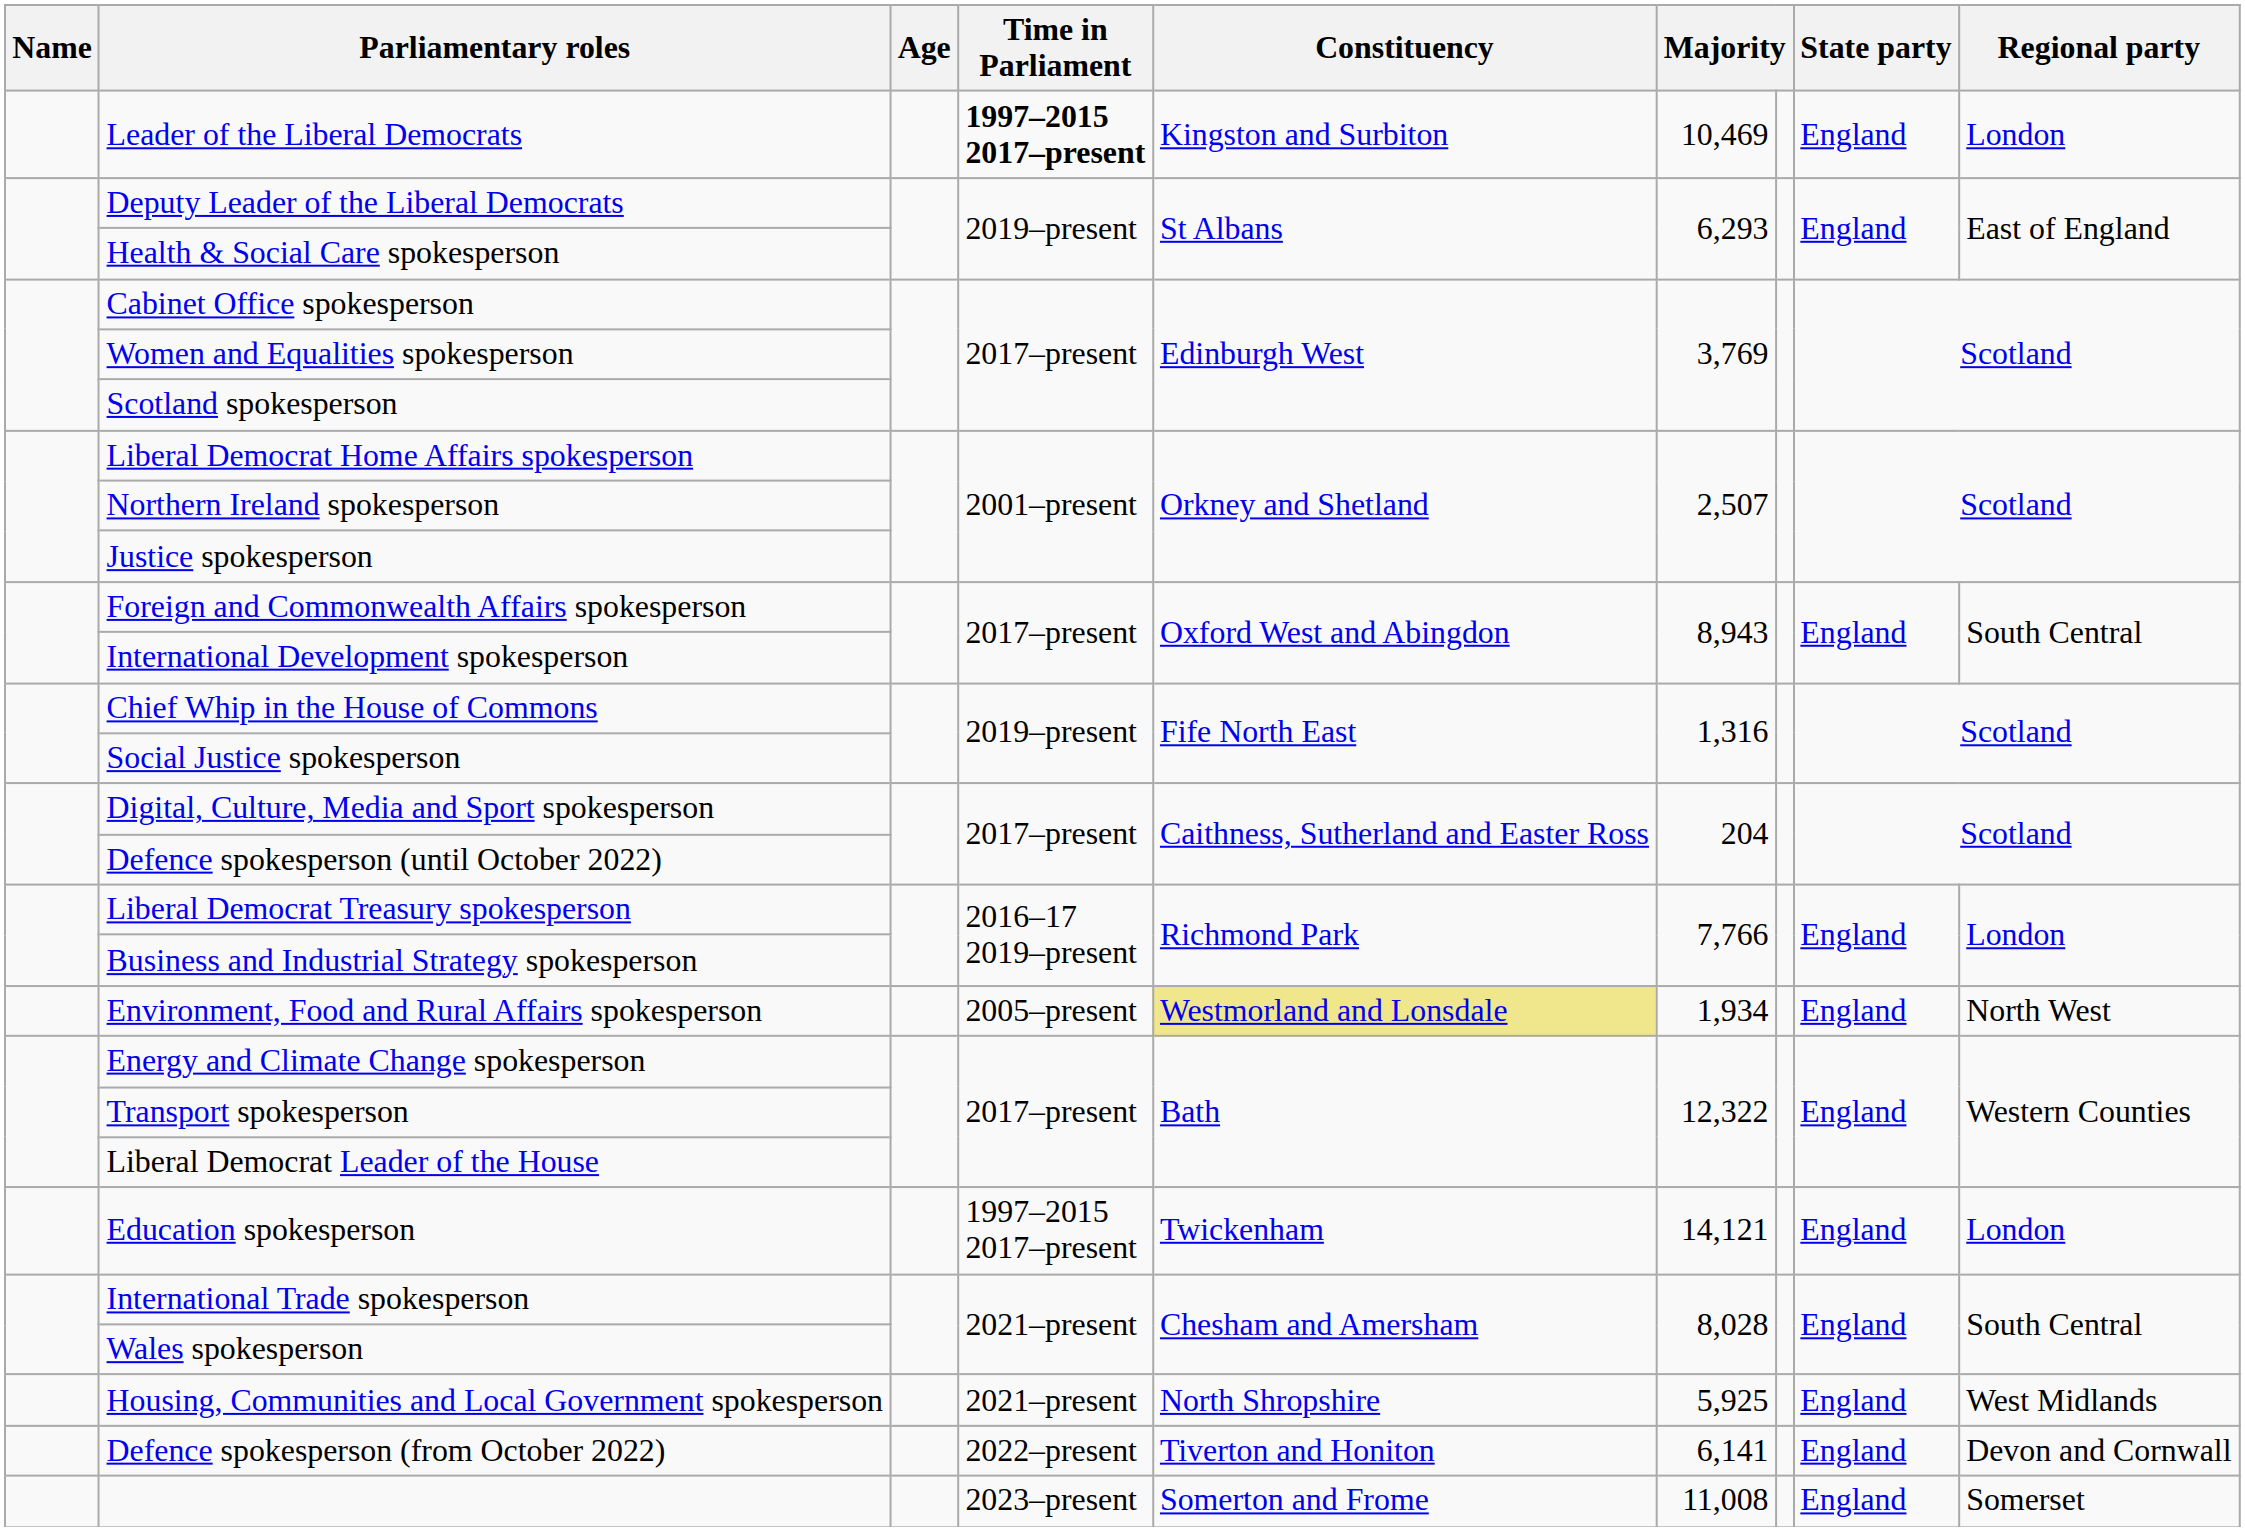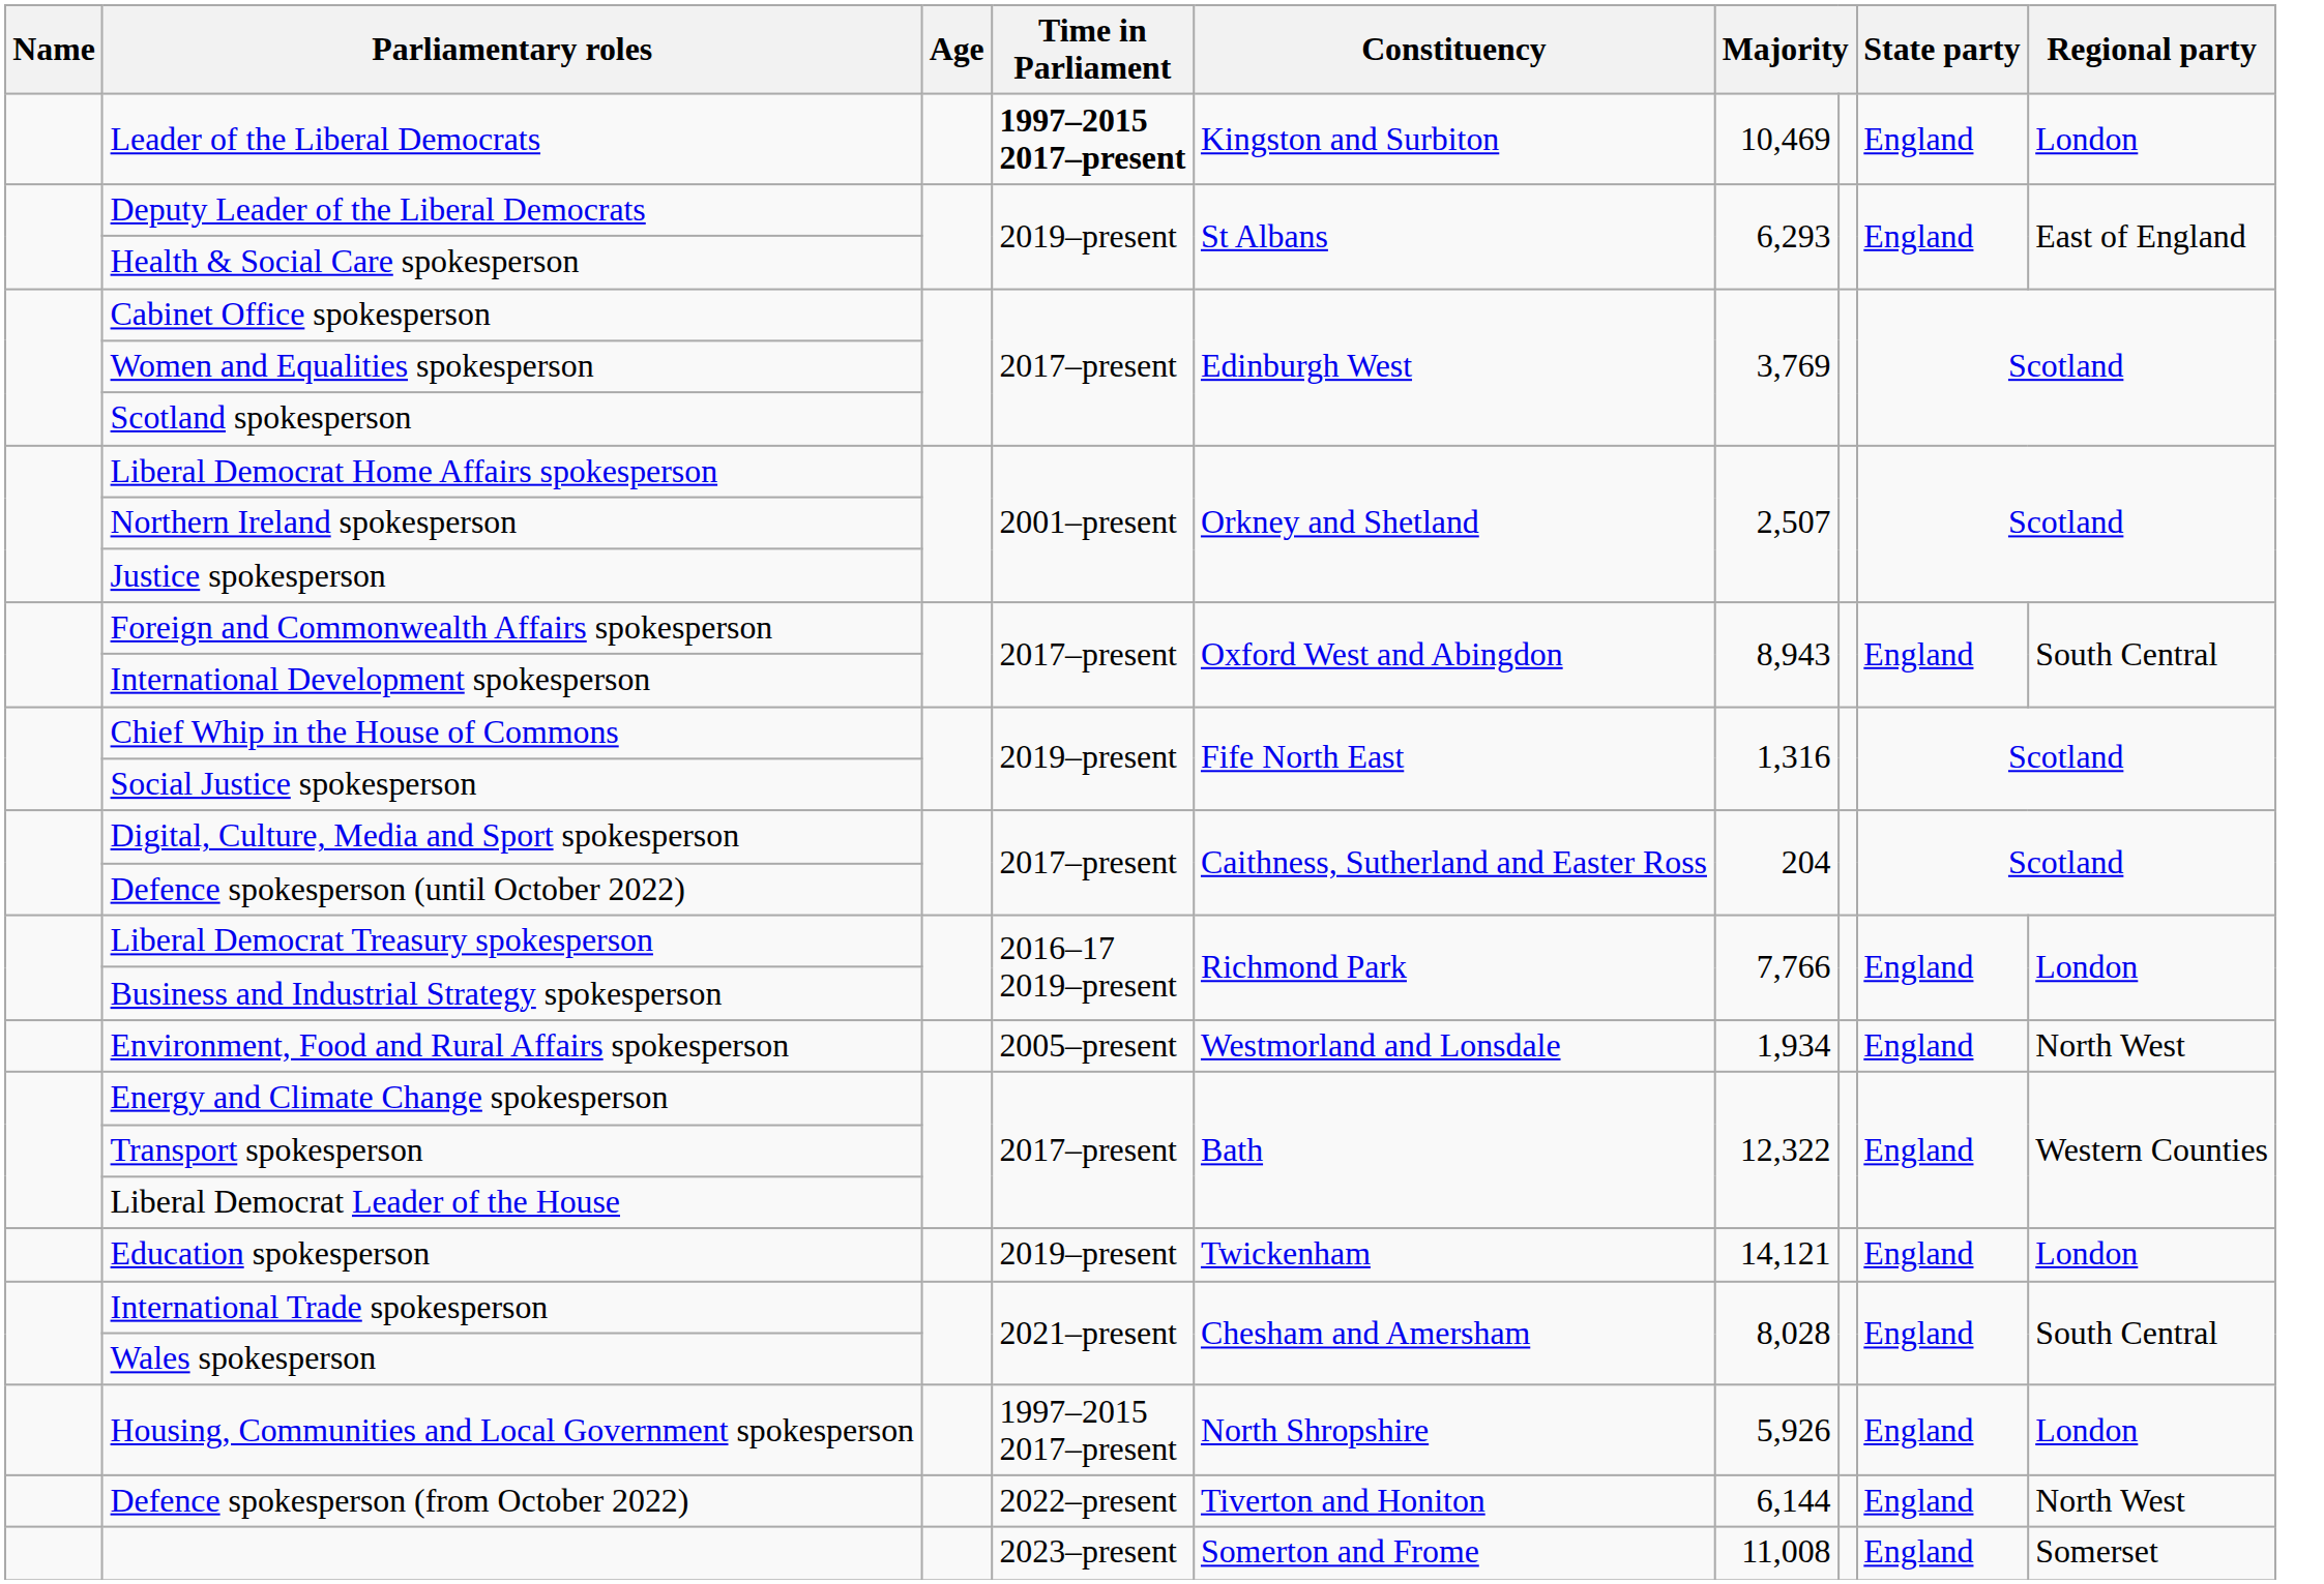 <table class="wikitable sortable">
 <tr>
 <th>Name</th>
 <th>Parliamentary roles</th>
 <th>Age</th>
 <th>Time in<br>Parliament</th>
 <th>Constituency</th>
 <th colspan="2">Majority</th>
 <th>State party<br></th>
 <th>Regional party</th>
 </tr>
 <tr>
 <td></td>
 <td><a href='#'>Leader of the Liberal Democrats</a></td>
 <td></td>
 <td><strong>1997–2015<br>2017–present</strong></td>
 <td><a href='#'>Kingston and Surbiton</a></td>
 <td style="text-align:right;">10,469</td>
 <td style="background-color:"></td>
 <td><a href='#'>England</a></td>
 <td><a href='#'>London</a></td>
 </tr>
 <tr>
 <td rowspan="2"></td>
 <td><a href='#'>Deputy Leader of the Liberal Democrats</a></td>
 <td rowspan="2"></td>
 <td rowspan="2">2019–present</td>
 <td rowspan="2"><a href='#'>St Albans</a></td>
 <td rowspan="2" style="text-align:right;">6,293</td>
 <td rowspan="2" style="background-color:"></td>
 <td rowspan="2"><a href='#'>England</a></td>
 <td rowspan="2">East of England</td>
 </tr>
 <tr>
 <td><a href='#'>Health & Social Care</a> spokesperson</td>
 </tr>
 <tr>
 <td rowspan="3"></td>
 <td><a href='#'>Cabinet Office</a> spokesperson</td>
 <td rowspan="3"></td>
 <td rowspan="3">2017–present</td>
 <td rowspan="3"><a href='#'>Edinburgh West</a></td>
 <td rowspan="3" style="text-align:right;">3,769</td>
 <td rowspan="3" style="background-color:"></td>
 <td rowspan="3" colspan="2" style="text-align: center;"><a href='#'>Scotland</a></td>
 </tr>
 <tr>
 <td><a href='#'>Women and Equalities</a> spokesperson</td>
 </tr>
 <tr>
 <td><a href='#'>Scotland</a> spokesperson</td>
 </tr>
 <tr>
 <td rowspan="3"></td>
 <td><a href='#'>Liberal Democrat Home Affairs spokesperson</a></td>
 <td rowspan="3"></td>
 <td rowspan="3">2001–present</td>
 <td rowspan="3"><a href='#'>Orkney and Shetland</a></td>
 <td rowspan="3" style="text-align:right;">2,507</td>
 <td rowspan="3" style="background-color:"></td>
 <td rowspan="3" colspan="2" style="text-align: center;"><a href='#'>Scotland</a></td>
 </tr>
 <tr>
 <td><a href='#'>Northern Ireland</a> spokesperson</td>
 </tr>
 <tr>
 <td><a href='#'>Justice</a> spokesperson</td>
 </tr>
 <tr>
 <td rowspan="2"></td>
 <td><a href='#'>Foreign and Commonwealth Affairs</a> spokesperson</td>
 <td rowspan="2"></td>
 <td rowspan="2">2017–present</td>
 <td rowspan="2"><a href='#'>Oxford West and Abingdon</a></td>
 <td rowspan="2" style="text-align:right;">8,943</td>
 <td rowspan="2" style="background-color:"></td>
 <td rowspan="2"><a href='#'>England</a></td>
 <td rowspan="2">South Central</td>
 </tr>
 <tr>
 <td><a href='#'>International Development</a> spokesperson</td>
 </tr>
 <tr>
 <td rowspan="2"></td>
 <td><a href='#'>Chief Whip in the House of Commons</a></td>
 <td rowspan="2"></td>
 <td rowspan="2">2019–present</td>
 <td rowspan="2"><a href='#'>Fife North East</a></td>
 <td rowspan="2" style="text-align:right;">1,316</td>
 <td rowspan="2" style="background-color:"></td>
 <td rowspan="2" colspan="2" style="text-align: center;"><a href='#'>Scotland</a></td>
 </tr>
 <tr>
 <td><a href='#'>Social Justice</a> spokesperson</td>
 </tr>
 <tr>
 <td rowspan="2"></td>
 <td><a href='#'>Digital, Culture, Media and Sport</a> spokesperson</td>
 <td rowspan="2"></td>
 <td rowspan="2">2017–present</td>
 <td rowspan="2"><a href='#'>Caithness, Sutherland and Easter Ross</a></td>
 <td rowspan="2" style="text-align:right;">204</td>
 <td rowspan="2" style="background-color:"></td>
 <td rowspan="2" colspan="2" style="text-align: center;"><a href='#'>Scotland</a></td>
 </tr>
 <tr>
 <td><a href='#'>Defence</a> spokesperson (until October 2022)</td>
 </tr>
 <tr>
 <td rowspan="2"></td>
 <td><a href='#'>Liberal Democrat Treasury spokesperson</a></td>
 <td rowspan="2"></td>
 <td rowspan="2">2016–17<br>2019–present</td>
 <td rowspan="2"><a href='#'>Richmond Park</a></td>
 <td rowspan="2" style="text-align:right;">7,766</td>
 <td rowspan="2" style="background-color:"></td>
 <td rowspan="2"><a href='#'>England</a></td>
 <td rowspan="2"><a href='#'>London</a></td>
 </tr>
 <tr>
 <td><a href='#'>Business and Industrial Strategy</a> spokesperson</td>
 </tr>
 <tr>
 <td></td>
 <td><a href='#'>Environment, Food and Rural Affairs</a> spokesperson</td>
 <td></td>
 <td>2005–present</td>
-<td style="background: khaki;"><a href='#'>Westmorland and Lonsdale</a></td>
+<td><a href='#'>Westmorland and Lonsdale</a></td>
 <td style="text-align:right;">1,934</td>
 <td style="background-color:"></td>
 <td><a href='#'>England</a></td>
 <td>North West</td>
 </tr>
 <tr>
 <td rowspan="3"></td>
 <td><a href='#'>Energy and Climate Change</a> spokesperson</td>
 <td rowspan="3"></td>
 <td rowspan="3">2017–present</td>
 <td rowspan="3"><a href='#'>Bath</a></td>
 <td rowspan="3" style="text-align:right;">12,322</td>
 <td rowspan="3" style="background-color:"></td>
 <td rowspan="3"><a href='#'>England</a></td>
 <td rowspan="3">Western Counties</td>
 </tr>
 <tr>
 <td><a href='#'>Transport</a> spokesperson</td>
 </tr>
 <tr>
 <td>Liberal Democrat <a href='#'>Leader of the House</a></td>
 </tr>
 <tr>
 <td></td>
 <td><a href='#'>Education</a> spokesperson</td>
 <td></td>
-<td>1997–2015<br>2017–present</td>
+<td>2019–present</td>
 <td><a href='#'>Twickenham</a></td>
 <td style="text-align:right;">14,121</td>
 <td style="background-color:"></td>
 <td><a href='#'>England</a></td>
 <td><a href='#'>London</a></td>
 </tr>
 <tr>
 <td rowspan="2"></td>
 <td><a href='#'>International Trade</a> spokesperson</td>
 <td rowspan="2"></td>
 <td rowspan="2">2021–present</td>
 <td rowspan="2"><a href='#'>Chesham and Amersham</a></td>
 <td rowspan="2" style="text-align:right;">8,028</td>
 <td rowspan="2" style="background-color:"></td>
 <td rowspan="2"><a href='#'>England</a></td>
 <td rowspan="2">South Central</td>
 </tr>
 <tr>
 <td><a href='#'>Wales</a> spokesperson</td>
 </tr>
 <tr>
 <td></td>
 <td><a href='#'>Housing, Communities and Local Government</a> spokesperson</td>
 <td></td>
-<td>2021–present</td>
+<td>1997–2015<br>2017–present</td>
 <td><a href='#'>North Shropshire</a></td>
-<td style="text-align:right;">5,925</td>
+<td style="text-align:right;">5,926</td>
 <td style="background-color:"></td>
 <td><a href='#'>England</a></td>
-<td>West Midlands</td>
+<td><a href='#'>London</a></td>
 </tr>
 <tr>
 <td></td>
 <td><a href='#'>Defence</a> spokesperson (from October 2022)</td>
 <td></td>
 <td>2022–present</td>
 <td><a href='#'>Tiverton and Honiton</a></td>
-<td style="text-align:right;">6,141</td>
+<td style="text-align:right;">6,144</td>
 <td style="background-color:"></td>
 <td><a href='#'>England</a></td>
-<td>Devon and Cornwall</td>
+<td>North West</td>
 </tr>
 <tr>
 <td></td>
 <td></td>
 <td></td>
 <td>2023–present</td>
 <td><a href='#'>Somerton and Frome</a></td>
 <td style="text-align:right;">11,008</td>
 <td style="background-color:"></td>
 <td><a href='#'>England</a></td>
 <td>Somerset</td>
 </tr>
 </table>
